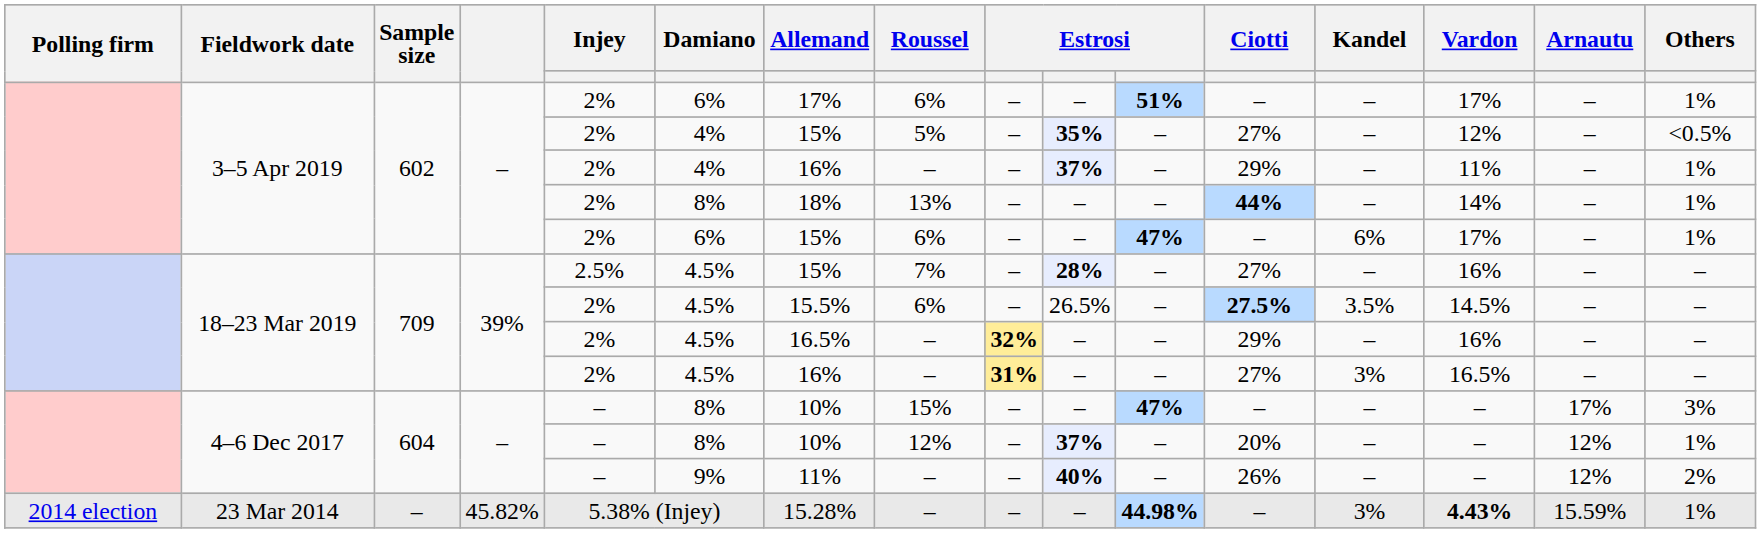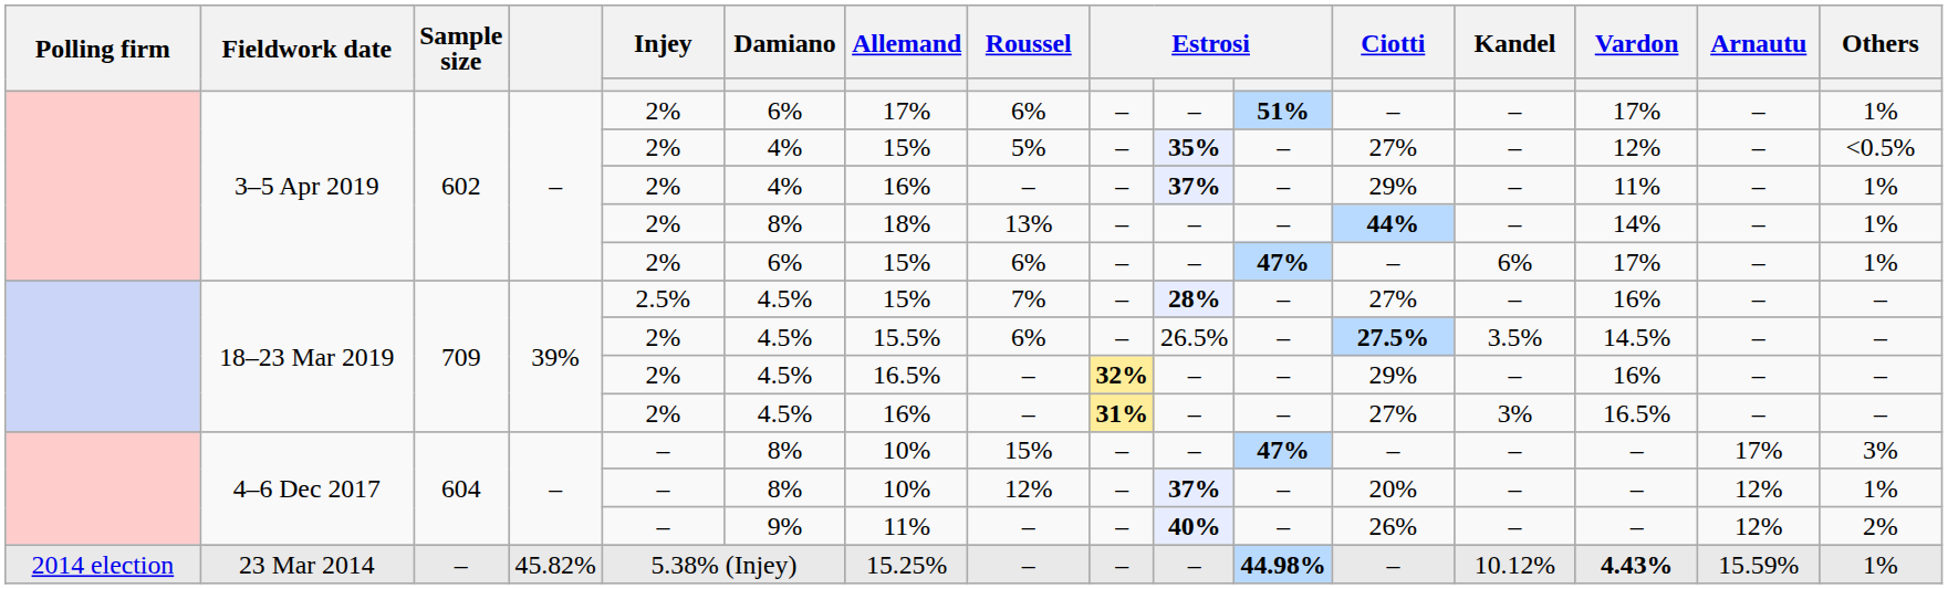 <table class="wikitable sortable" style="text-align:center;font-size:90%;line-height:14px;">
 <tr style="height:40px;">
 <th style="width:100px;" rowspan="2">Polling firm</th>
 <th style="width:110px;" rowspan="2">Fieldwork date</th>
 <th style="width:35px;" rowspan="2">Sample<br>size</th>
 <th style="width:30px;" rowspan="2"></th>
 <th class="unsortable" style="width:60px;">Injey<br></th>
 <th class="unsortable" style="width:60px;">Damiano<br></th>
 <th class="unsortable" style="width:60px;"><a href='#'>Allemand</a><br></th>
 <th class="unsortable" style="width:60px;"><a href='#'>Roussel</a><br></th>
 <th class="unsortable" colspan=3 style="width:60px;"><a href='#'>Estrosi</a><br></th>
 <th class="unsortable" style="width:60px;"><a href='#'>Ciotti</a><br></th>
 <th class="unsortable" style="width:60px;">Kandel<br></th>
 <th class="unsortable" style="width:60px;"><a href='#'>Vardon</a><br></th>
 <th class="unsortable" style="width:60px;"><a href='#'>Arnautu</a><br></th>
 <th class="unsortable" style="width:60px;">Others</th>
 </tr>
 <tr>
 <th style="background:"></th>
 <th style="background:"></th>
 <th style="background:"></th>
 <th style="background:"></th>
 <th style="background:"></th>
 <th style="background:"></th>
 <th style="background:"></th>
 <th style="background:"></th>
 <th style="background:"></th>
 <th style="background:"></th>
 <th style="background:"></th>
 <th style="background:"></th>
 </tr>
 <tr>
 <td rowspan="5" style="background:#FFCCCC;"></td>
 <td rowspan="5" data-sort-value="2019-04-05">3–5 Apr 2019</td>
 <td rowspan="5">602</td>
 <td rowspan="5">–</td>
 <td>2%</td>
 <td>6%</td>
 <td>17%</td>
 <td>6%</td>
 <td>–</td>
 <td>–</td>
 <td style="background:#B9DAFF;"><strong>51%</strong></td>
 <td>–</td>
 <td>–</td>
 <td>17%</td>
 <td>–</td>
 <td>1%</td>
 </tr>
 <tr>
 <td>2%</td>
 <td>4%</td>
 <td>15%</td>
 <td>5%</td>
 <td>–</td>
 <td style="background:#E7EDFE;"><strong>35%</strong></td>
 <td>–</td>
 <td>27%</td>
 <td>–</td>
 <td>12%</td>
 <td>–</td>
 <td data-sort-value="0%"><0.5%</td>
 </tr>
 <tr>
 <td>2%</td>
 <td>4%</td>
 <td>16%</td>
 <td>–</td>
 <td>–</td>
 <td style="background:#E7EDFE;"><strong>37%</strong></td>
 <td>–</td>
 <td>29%</td>
 <td>–</td>
 <td>11%</td>
 <td>–</td>
 <td>1%</td>
 </tr>
 <tr>
 <td>2%</td>
 <td>8%</td>
 <td>18%</td>
 <td>13%</td>
 <td>–</td>
 <td>–</td>
 <td>–</td>
 <td style="background:#B9DAFF;"><strong>44%</strong></td>
 <td>–</td>
 <td>14%</td>
 <td>–</td>
 <td>1%</td>
 </tr>
 <tr>
 <td>2%</td>
 <td>6%</td>
 <td>15%</td>
 <td>6%</td>
 <td>–</td>
 <td>–</td>
 <td style="background:#B9DAFF;"><strong>47%</strong></td>
 <td>–</td>
 <td>6%</td>
 <td>17%</td>
 <td>–</td>
 <td>1%</td>
 </tr>
 <tr>
 <td rowspan="4" style="background:#CAD5F7;"></td>
 <td rowspan="4" data-sort-value="2019-03-23">18–23 Mar 2019</td>
 <td rowspan="4">709</td>
 <td rowspan="4">39%</td>
 <td>2.5%</td>
 <td>4.5%</td>
 <td>15%</td>
 <td>7%</td>
 <td>–</td>
 <td style="background:#E7EDFE;"><strong>28%</strong></td>
 <td>–</td>
 <td>27%</td>
 <td>–</td>
 <td>16%</td>
 <td>–</td>
 <td>–</td>
 </tr>
 <tr>
 <td>2%</td>
 <td>4.5%</td>
 <td>15.5%</td>
 <td>6%</td>
 <td>–</td>
 <td>26.5%</td>
 <td>–</td>
 <td style="background:#B9DAFF;"><strong>27.5%</strong></td>
 <td>3.5%</td>
 <td>14.5%</td>
 <td>–</td>
 <td>–</td>
 </tr>
 <tr>
 <td>2%</td>
 <td>4.5%</td>
 <td>16.5%</td>
 <td>–</td>
 <td style="background:#FFED99;"><strong>32%</strong></td>
 <td>–</td>
 <td>–</td>
 <td>29%</td>
 <td>–</td>
 <td>16%</td>
 <td>–</td>
 <td>–</td>
 </tr>
 <tr>
 <td>2%</td>
 <td>4.5%</td>
 <td>16%</td>
 <td>–</td>
 <td style="background:#FFED99;"><strong>31%</strong></td>
 <td>–</td>
 <td>–</td>
 <td>27%</td>
 <td>3%</td>
 <td>16.5%</td>
 <td>–</td>
 <td>–</td>
 </tr>
 <tr>
 <td rowspan="3" style="background:#FFCCCC;"></td>
 <td rowspan="3" data-sort-value="2017-12-06">4–6 Dec 2017</td>
 <td rowspan="3">604</td>
 <td rowspan="3">–</td>
 <td>–</td>
 <td>8%</td>
 <td>10%</td>
 <td>15%</td>
 <td>–</td>
 <td>–</td>
 <td style="background:#B9DAFF;"><strong>47%</strong></td>
 <td>–</td>
 <td>–</td>
 <td>–</td>
 <td>17%</td>
 <td>3%</td>
 </tr>
 <tr>
 <td>–</td>
 <td>8%</td>
 <td>10%</td>
 <td>12%</td>
 <td>–</td>
 <td style="background:#E7EDFE;"><strong>37%</strong></td>
 <td>–</td>
 <td>20%</td>
 <td>–</td>
 <td>–</td>
 <td>12%</td>
 <td>1%</td>
 </tr>
 <tr>
 <td>–</td>
 <td>9%</td>
 <td>11%</td>
 <td>–</td>
 <td>–</td>
 <td style="background:#E7EDFE;"><strong>40%</strong></td>
 <td>–</td>
 <td>26%</td>
 <td>–</td>
 <td>–</td>
 <td>12%</td>
 <td>2%</td>
 </tr>
 <tr style="background:#E9E9E9;">
 <td><a href='#'>2014 election</a></td>
 <td data-sort-value="2014-03-23">23 Mar 2014</td>
 <td>–</td>
 <td>45.82%</td>
 <td colspan="2">5.38% (Injey)</td>
-<td>15.28%</td>
+<td>15.25%</td>
 <td>–</td>
 <td>–</td>
 <td>–</td>
 <td style="background:#B9DAFF;"><strong>44.98%</strong></td>
 <td>–</td>
-<td>3%</td>
+<td>10.12%</td>
 <td><strong>4.43%</strong></td>
 <td>15.59%</td>
 <td>1%</td>
 </tr>
 </table>
